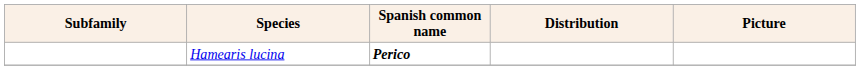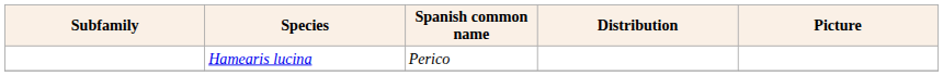 <table class="wikitable" border="0" style="background:#ffffff" align="top" class="sortable wikitable">
 <tr ->
 <th style="background:Linen; color:Black" width=200 px>Subfamily</th>
 <th style="background:Linen; color:Black" width=200 px>Species</th>
 <th style="background:Linen; color:Black" width=130 px>Spanish common name</th>
 <th style="background:Linen; color:Black" width=200 px>Distribution</th>
 <th style="background:Linen; color:Black" width=200 px>Picture</th>
 </tr>
 <tr>
 <td></td>
 <td><em><a href='#'>Hamearis lucina</a></em></td>
-<td><strong><em>Perico</em></strong></td>
+<td><em>Perico</em></td>
 <td></td>
 <td></td>
 </tr>
 <tr>
 </tr>
 </table>
